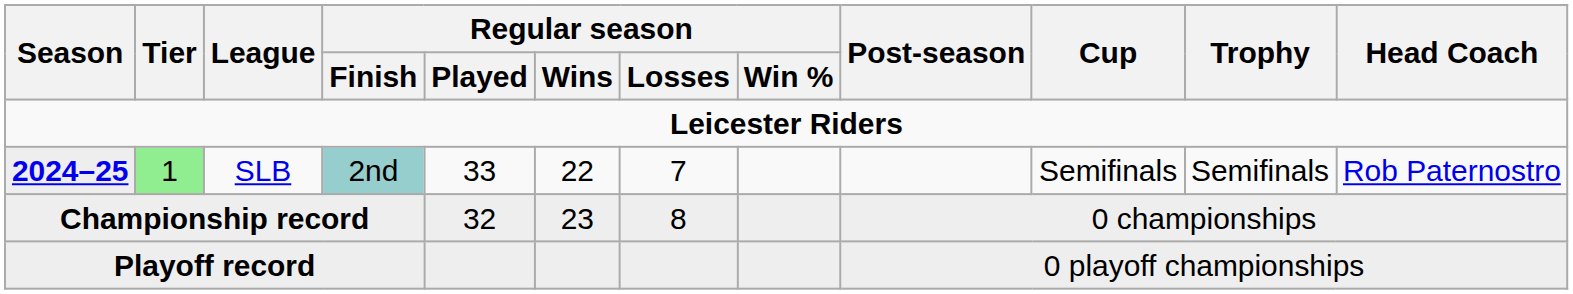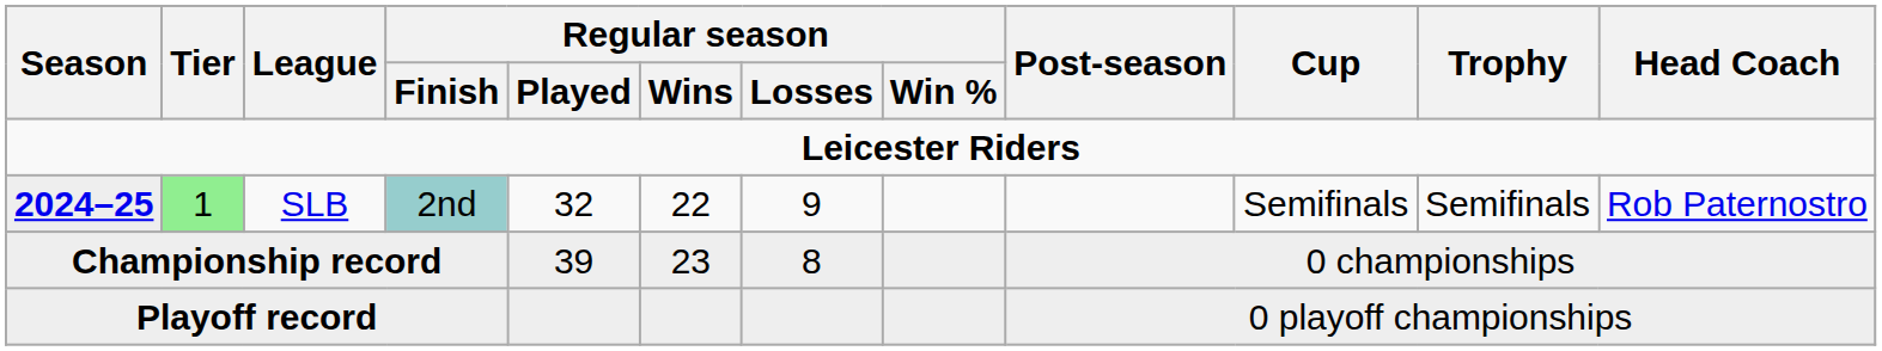 <table class="wikitable" style="font-size:95%; text-align:center">
 <tr>
 <th rowspan=2>Season</th>
 <th rowspan=2>Tier</th>
 <th rowspan=2>League</th>
 <th colspan=5>Regular season</th>
 <th rowspan=2>Post-season</th>
 <th rowspan=2>Cup</th>
 <th rowspan=2>Trophy</th>
 <th rowspan=2>Head Coach</th>
 </tr>
 <tr>
 <th>Finish</th>
 <th>Played</th>
 <th>Wins</th>
 <th>Losses</th>
 <th>Win %</th>
 </tr>
 <tr>
 <td colspan="12" align="center"><strong>Leicester Riders</strong></td>
 </tr>
 <tr>
 <th style="background:#eee;"><a href='#'>2024–25</a></th>
 <td style="background: lightgreen; text-align:center;">1</td>
 <td style="text-align:center;"><a href='#'>SLB</a></td>
 <td style="text-align:center;background-color:#96CDCD;">2nd</td>
-<td style="text-align:center;">33</td>
+<td style="text-align:center;">32</td>
 <td style="text-align:center;">22</td>
-<td style="text-align:center;">7</td>
+<td style="text-align:center;">9</td>
 <td style="text-align:center;"></td>
 <td style="text-align:center;background-color:#;"></td>
 <td style="text-align:center;">Semifinals</td>
 <td style="text-align:center;">Semifinals</td>
 <td style="text-align:center;"><a href='#'>Rob Paternostro</a></td>
 </tr>
 <tr>
 <th colspan=4 style="background:#eee;">Championship record</th>
-<td style="background:#eee;">32</td>
+<td style="background:#eee;">39</td>
 <td style="background:#eee;">23</td>
 <td style="background:#eee;">8</td>
 <td style="background:#eee;"></td>
 <td colspan="4" style="background:#eee;">0 championships</td>
 </tr>
 <tr>
 <th colspan=4 style="background:#eee;">Playoff record</th>
 <td style="background:#eee;"></td>
 <td style="background:#eee;"></td>
 <td style="background:#eee;"></td>
 <td style="background:#eee;"></td>
 <td colspan="4" style="background:#eee;">0 playoff championships</td>
 </tr>
 </table>
